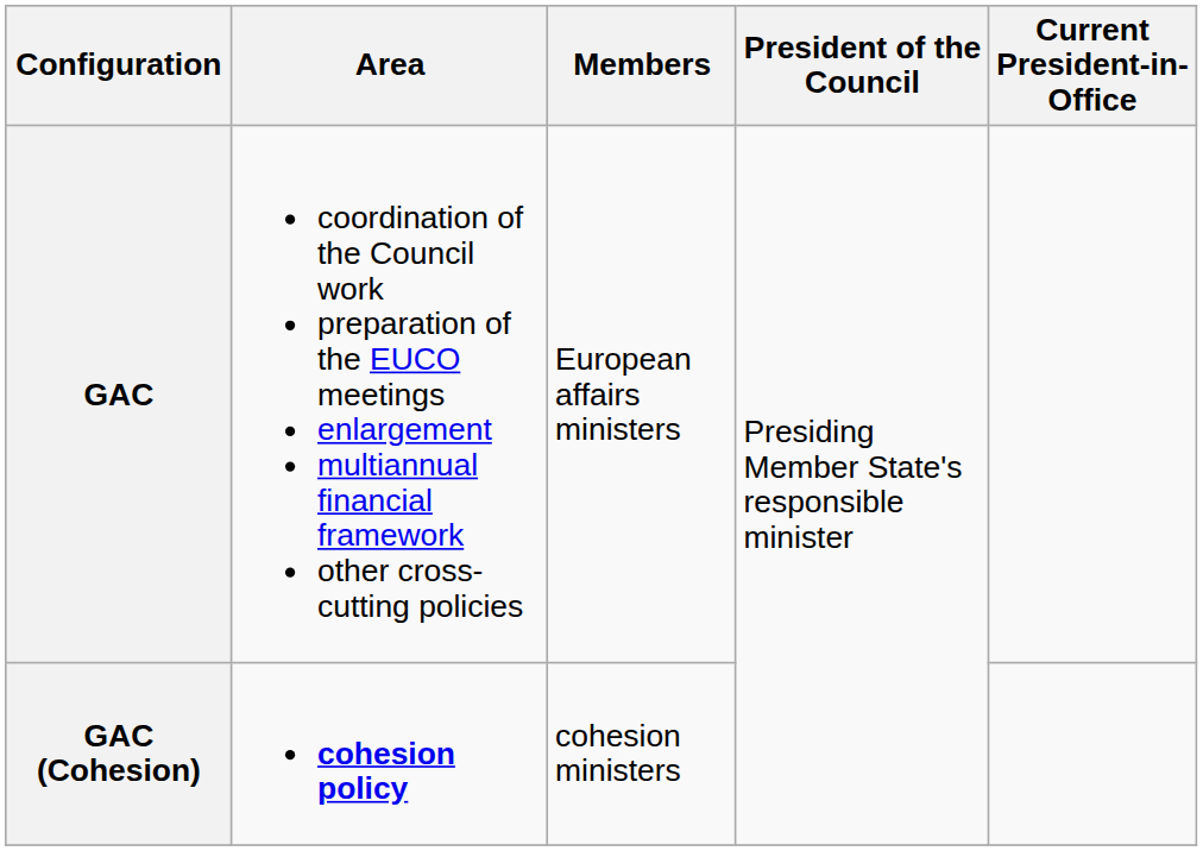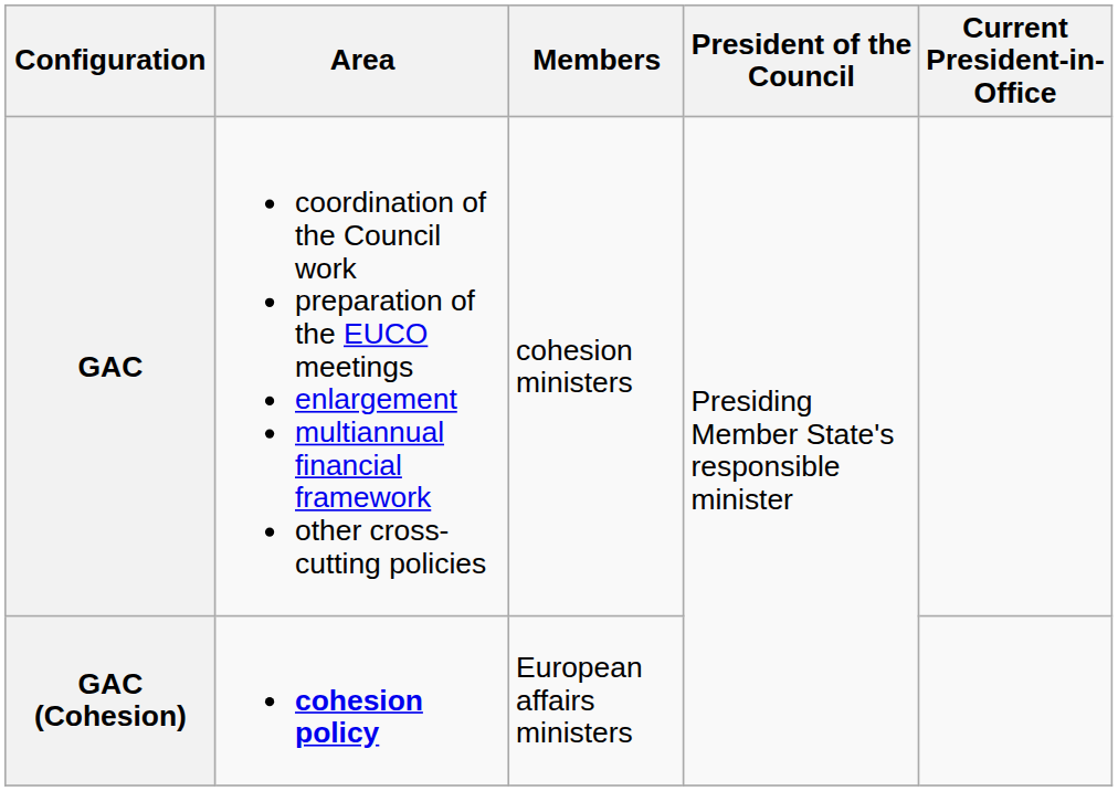 <table class="wikitable">
 <tr>
 <th>Configuration</th>
 <th>Area</th>
 <th>Members</th>
 <th>President of the Council</th>
 <th>Current President-in-Office</th>
 </tr>
 <tr>
 <th>GAC</th>
 <td><br><ul><li>coordination of the Council work</li><li>preparation of the <a href='#'>EUCO</a> meetings</li><li><a href='#'>enlargement</a></li><li><a href='#'>multiannual financial framework</a></li><li>other cross-cutting policies</li></ul></td>
-<td>European affairs ministers</td>
+<td>cohesion ministers</td>
 <td rowspan="2">Presiding Member State's responsible minister</td>
 <td></td>
 </tr>
 <tr>
 <th>GAC (Cohesion)</th>
 <td><strong><br><ul><li><a href='#'>cohesion policy</a></li></ul></strong></td>
-<td>cohesion ministers</td>
+<td>European affairs ministers</td>
 <td></td>
 </tr>
 </table>
